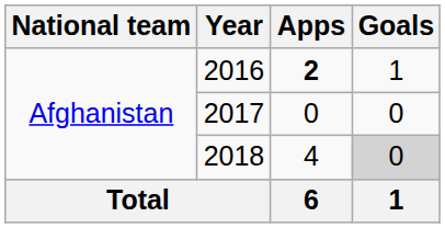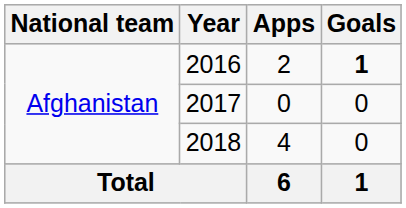 <table class="wikitable" style="text-align:center">
 <tr>
 <th>National team</th>
 <th>Year</th>
 <th>Apps</th>
 <th>Goals</th>
 </tr>
 <tr>
 <td rowspan="3"><a href='#'>Afghanistan</a></td>
 <td>2016</td>
-<td><strong>2</strong></td>
-<td>1</td>
+<td>2</td>
+<td><strong>1</strong></td>
 </tr>
 <tr>
 <td>2017</td>
 <td>0</td>
 <td>0</td>
 </tr>
 <tr>
 <td>2018</td>
 <td>4</td>
-<td style="background: lightgrey;">0</td>
+<td>0</td>
 </tr>
 <tr>
 <th colspan="2">Total</th>
 <th>6</th>
 <th>1</th>
 </tr>
 </table>
